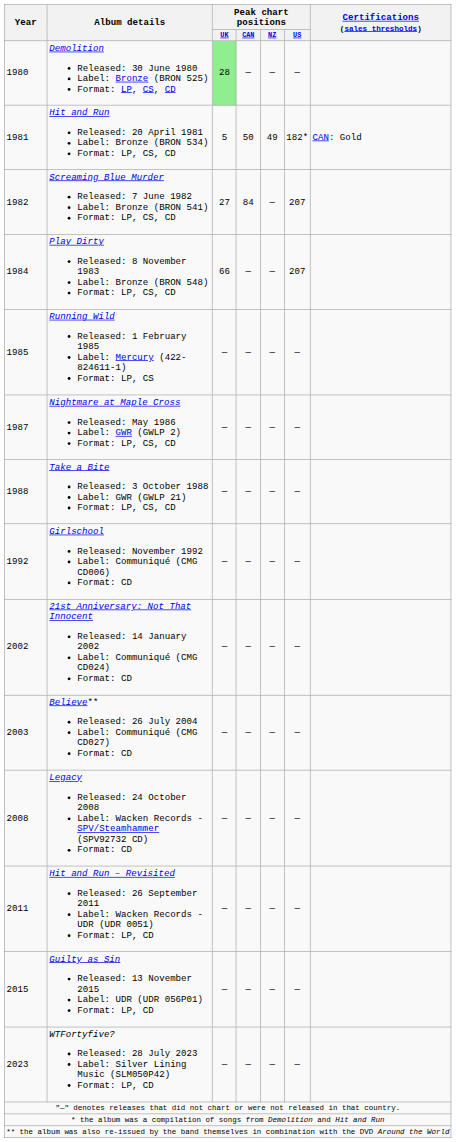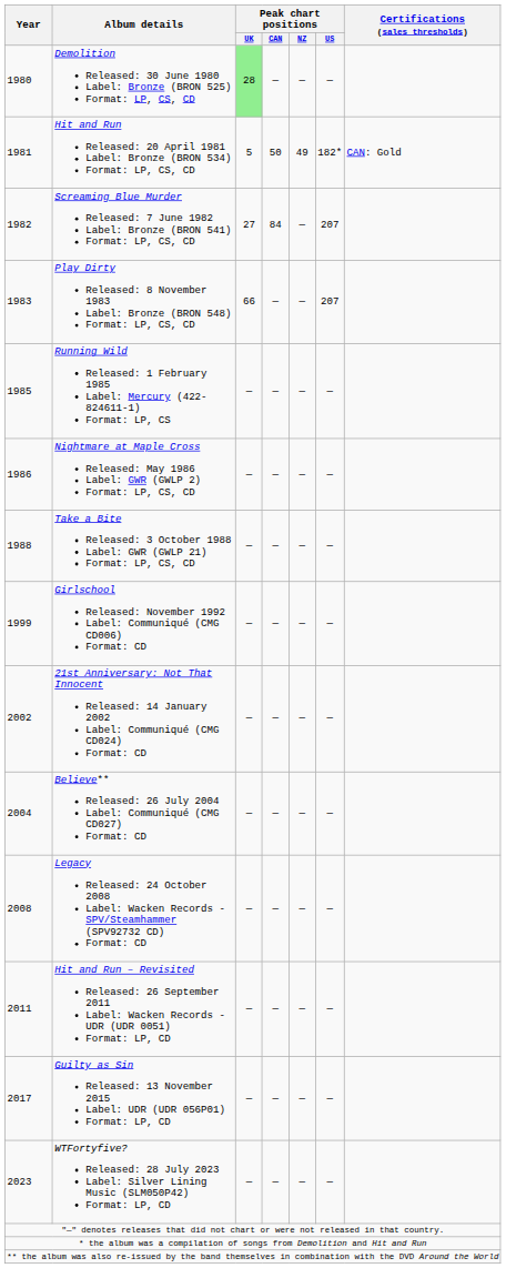 <table class="wikitable">
 <tr>
 <th rowspan="2">Year</th>
 <th rowspan="2" style="width:230px;">Album details</th>
 <th colspan="4">Peak chart positions</th>
 <th rowspan="2"><a href='#'>Certifications</a><br><small>(<a href='#'>sales thresholds</a>)</small></th>
 </tr>
 <tr>
 <th style="width:3em;font-size:75%;"><a href='#'>UK</a><br></th>
 <th style="width:3em;font-size:75%;"><a href='#'>CAN</a><br></th>
 <th style="width:3em;font-size:75%;"><a href='#'>NZ</a><br></th>
 <th style="width:3em;font-size:75%;"><a href='#'>US</a><br></th>
 </tr>
 <tr>
 <td>1980</td>
 <td><em><a href='#'>Demolition</a></em><br><ul><li>Released: 30 June 1980</li><li>Label: <a href='#'>Bronze</a> (BRON 525)</li><li>Format: <a href='#'>LP</a>, <a href='#'>CS</a>, <a href='#'>CD</a></li></ul></td>
 <td style="background: lightgreen; text-align:center;">28</td>
 <td style="text-align:center;">—</td>
 <td style="text-align:center;">—</td>
 <td style="text-align:center;">—</td>
 <td></td>
 </tr>
 <tr>
 <td>1981</td>
 <td><em><a href='#'>Hit and Run</a></em><br><ul><li>Released: 20 April 1981</li><li>Label: Bronze (BRON 534)</li><li>Format: LP, CS, CD</li></ul></td>
 <td style="text-align:center;">5</td>
 <td style="text-align:center;">50</td>
 <td style="text-align:center;">49</td>
 <td style="text-align:center;">182*</td>
 <td><a href='#'>CAN</a>: Gold</td>
 </tr>
 <tr>
 <td>1982</td>
 <td><em><a href='#'>Screaming Blue Murder</a></em><br><ul><li>Released: 7 June 1982</li><li>Label: Bronze (BRON 541)</li><li>Format: LP, CS, CD</li></ul></td>
 <td style="text-align:center;">27</td>
 <td style="text-align:center;">84</td>
 <td style="text-align:center;">—</td>
 <td style="text-align:center;">207</td>
 <td></td>
 </tr>
 <tr>
-<td>1984</td>
+<td>1983</td>
 <td><em><a href='#'>Play Dirty</a></em><br><ul><li>Released: 8 November 1983</li><li>Label: Bronze (BRON 548)</li><li>Format: LP, CS, CD</li></ul></td>
 <td style="text-align:center;">66</td>
 <td style="text-align:center;">—</td>
 <td style="text-align:center;">—</td>
 <td style="text-align:center;">207</td>
 <td></td>
 </tr>
 <tr>
 <td>1985</td>
 <td><em><a href='#'>Running Wild</a></em><br><ul><li>Released: 1 February 1985</li><li>Label: <a href='#'>Mercury</a> (422-824611-1)</li><li>Format: LP, CS</li></ul></td>
 <td style="text-align:center;">—</td>
 <td style="text-align:center;">—</td>
 <td style="text-align:center;">—</td>
 <td style="text-align:center;">—</td>
 <td></td>
 </tr>
 <tr>
-<td>1987</td>
+<td>1986</td>
 <td><em><a href='#'>Nightmare at Maple Cross</a></em><br><ul><li>Released: May 1986</li><li>Label: <a href='#'>GWR</a> (GWLP 2)</li><li>Format: LP, CS, CD</li></ul></td>
 <td style="text-align:center;">—</td>
 <td style="text-align:center;">—</td>
 <td style="text-align:center;">—</td>
 <td style="text-align:center;">—</td>
 <td></td>
 </tr>
 <tr>
 <td>1988</td>
 <td><em><a href='#'>Take a Bite</a></em><br><ul><li>Released: 3 October 1988</li><li>Label: GWR (GWLP 21)</li><li>Format: LP, CS, CD</li></ul></td>
 <td style="text-align:center;">—</td>
 <td style="text-align:center;">—</td>
 <td style="text-align:center;">—</td>
 <td style="text-align:center;">—</td>
 <td></td>
 </tr>
 <tr>
-<td>1992</td>
+<td>1999</td>
 <td><em><a href='#'>Girlschool</a></em><br><ul><li>Released: November 1992</li><li>Label: Communiqué (CMG CD006)</li><li>Format: CD</li></ul></td>
 <td style="text-align:center;">—</td>
 <td style="text-align:center;">—</td>
 <td style="text-align:center;">—</td>
 <td style="text-align:center;">—</td>
 <td></td>
 </tr>
 <tr>
 <td>2002</td>
 <td><em><a href='#'>21st Anniversary: Not That Innocent</a></em><br><ul><li>Released: 14 January 2002</li><li>Label: Communiqué (CMG CD024)</li><li>Format: CD</li></ul></td>
 <td style="text-align:center;">—</td>
 <td style="text-align:center;">—</td>
 <td style="text-align:center;">—</td>
 <td style="text-align:center;">—</td>
 <td></td>
 </tr>
 <tr>
-<td>2003</td>
+<td>2004</td>
 <td><em><a href='#'>Believe</a></em>**<br><ul><li>Released: 26 July 2004</li><li>Label: Communiqué (CMG CD027)</li><li>Format: CD</li></ul></td>
 <td style="text-align:center;">—</td>
 <td style="text-align:center;">—</td>
 <td style="text-align:center;">—</td>
 <td style="text-align:center;">—</td>
 <td></td>
 </tr>
 <tr>
 <td>2008</td>
 <td><em><a href='#'>Legacy</a></em><br><ul><li>Released: 24 October 2008</li><li>Label: Wacken Records - <a href='#'>SPV/Steamhammer</a> (SPV92732 CD)</li><li>Format: CD</li></ul></td>
 <td style="text-align:center;">—</td>
 <td style="text-align:center;">—</td>
 <td style="text-align:center;">—</td>
 <td style="text-align:center;">—</td>
 <td></td>
 </tr>
 <tr>
 <td>2011</td>
 <td><em><a href='#'>Hit and Run – Revisited</a></em><br><ul><li>Released: 26 September 2011</li><li>Label: Wacken Records - UDR (UDR 0051)</li><li>Format: LP, CD</li></ul></td>
 <td style="text-align:center;">—</td>
 <td style="text-align:center;">—</td>
 <td style="text-align:center;">—</td>
 <td style="text-align:center;">—</td>
 <td></td>
 </tr>
 <tr>
-<td>2015</td>
+<td>2017</td>
 <td><em><a href='#'>Guilty as Sin</a></em><br><ul><li>Released: 13 November 2015</li><li>Label: UDR (UDR 056P01)</li><li>Format: LP, CD</li></ul></td>
 <td style="text-align:center;">—</td>
 <td style="text-align:center;">—</td>
 <td style="text-align:center;">—</td>
 <td style="text-align:center;">—</td>
 <td></td>
 </tr>
 <tr>
 <td>2023</td>
 <td><em>WTFortyfive?</em><br><ul><li>Released: 28 July 2023</li><li>Label: Silver Lining Music (SLM050P42)</li><li>Format: LP, CD</li></ul></td>
 <td style="text-align:center;">—</td>
 <td style="text-align:center;">—</td>
 <td style="text-align:center;">—</td>
 <td style="text-align:center;">—</td>
 <td></td>
 </tr>
 <tr>
 <td colspan="15" style="text-align:center; font-size:8pt;">"—" denotes releases that did not chart or were not released in that country.</td>
 </tr>
 <tr>
 <td colspan="15" style="text-align:center; font-size:8pt;">* the album was a compilation of songs from <em>Demolition</em> and <em>Hit and Run</em></td>
 </tr>
 <tr>
 <td colspan="15" style="text-align:center; font-size:8pt;">** the album was also re-issued by the band themselves in combination with the DVD <em>Around the World</em></td>
 </tr>
 </table>
